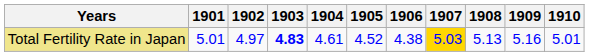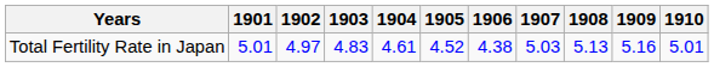 <table class="wikitable " style="text-align:right">
 <tr>
 <th>Years</th>
 <th>1901</th>
 <th>1902</th>
 <th>1903</th>
 <th>1904</th>
 <th>1905</th>
 <th>1906</th>
 <th>1907</th>
 <th>1908</th>
 <th>1909</th>
 <th>1910</th>
 </tr>
 <tr>
-<td align="left" style="background: khaki;">Total Fertility Rate in Japan</td>
+<td align="left">Total Fertility Rate in Japan</td>
 <td style="text-align:right; color:blue;">5.01</td>
 <td style="text-align:right; color:blue;">4.97</td>
-<td style="text-align:right; color:blue;"><strong>4.83</strong></td>
+<td style="text-align:right; color:blue;">4.83</td>
 <td style="text-align:right; color:blue;">4.61</td>
 <td style="text-align:right; color:blue;">4.52</td>
 <td style="text-align:right; color:blue;">4.38</td>
-<td style="background: gold; text-align:right; color:blue;">5.03</td>
+<td style="text-align:right; color:blue;">5.03</td>
 <td style="text-align:right; color:blue;">5.13</td>
 <td style="text-align:right; color:blue;">5.16</td>
 <td style="text-align:right; color:blue;">5.01</td>
 </tr>
 </table>
